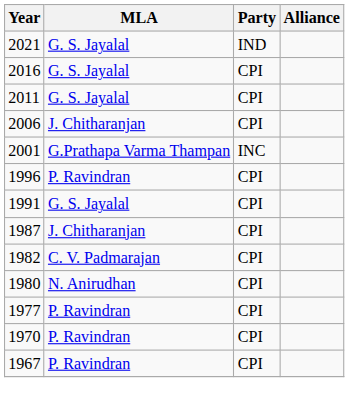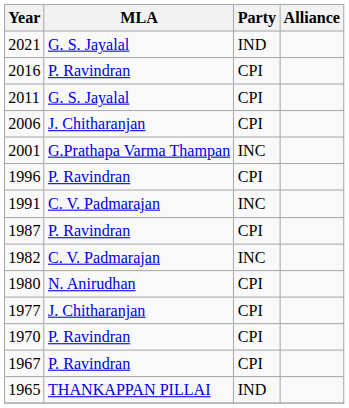 <table class="wikitable sortable" style="font-size: 95%;">
 <tr>
 <th scope="col">Year</th>
 <th scope="col">MLA</th>
 <th scope="col">Party</th>
 <th scope="col">Alliance</th>
 </tr>
 <tr>
 <td>2021</td>
 <td><a href='#'>G. S. Jayalal</a></td>
 <td style="background-color:">IND</td>
 <td></td>
 </tr>
 <tr>
 <td>2016</td>
-<td><a href='#'>G. S. Jayalal</a></td>
+<td><a href='#'>P. Ravindran</a></td>
 <td style="background:">CPI</td>
 <td></td>
 </tr>
 <tr>
 <td>2011</td>
 <td><a href='#'>G. S. Jayalal</a></td>
 <td style="background:">CPI</td>
 <td></td>
 </tr>
 <tr>
 <td>2006</td>
 <td><a href='#'>J. Chitharanjan</a></td>
 <td style="background:">CPI</td>
 <td></td>
 </tr>
 <tr>
 <td>2001</td>
 <td><a href='#'>G.Prathapa Varma Thampan</a></td>
 <td style="background-color:">INC</td>
 <td></td>
 </tr>
 <tr>
 <td>1996</td>
 <td><a href='#'>P. Ravindran</a></td>
 <td style="background:">CPI</td>
 <td></td>
 </tr>
 <tr>
 <td>1991</td>
-<td><a href='#'>G. S. Jayalal</a></td>
-<td style="background:">CPI</td>
+<td><a href='#'>C. V. Padmarajan</a></td>
+<td style="background-color:">INC</td>
 <td></td>
 </tr>
 <tr>
 <td>1987</td>
-<td><a href='#'>J. Chitharanjan</a></td>
+<td><a href='#'>P. Ravindran</a></td>
 <td style="background:">CPI</td>
 <td></td>
 </tr>
 <tr>
 <td>1982</td>
 <td><a href='#'>C. V. Padmarajan</a></td>
-<td style="background:">CPI</td>
+<td style="background-color:">INC</td>
 <td></td>
 </tr>
 <tr>
 <td>1980</td>
 <td><a href='#'>N. Anirudhan</a></td>
 <td style="background:">CPI</td>
 <td></td>
 </tr>
 <tr>
 <td>1977</td>
-<td><a href='#'>P. Ravindran</a></td>
+<td><a href='#'>J. Chitharanjan</a></td>
 <td style="background:">CPI</td>
 <td></td>
 </tr>
 <tr>
 <td>1970</td>
 <td><a href='#'>P. Ravindran</a></td>
 <td style="background:">CPI</td>
 <td></td>
 </tr>
 <tr>
 <td>1967</td>
 <td><a href='#'>P. Ravindran</a></td>
 <td style="background:">CPI</td>
 <td></td>
 </tr>
 <tr>
+<td>1965</td>
+<td><a href='#'>THANKAPPAN PILLAI</a></td>
+<td style="background-color:">IND</td>
+<td></td>
+</tr>
+<tr>
 </tr>
 </table>
